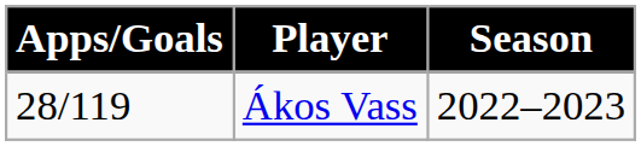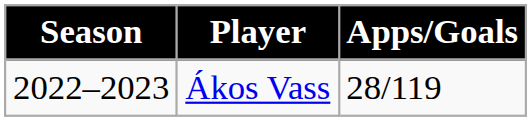 <table class="wikitable">
 <tr>
+<th style="color:white; background:black">Season</th>
+<th style="color:white; background:black">Player</th>
 <th style="color:white; background:black">Apps/Goals</th>
-<th style="color:white; background:black">Player</th>
-<th style="color:white; background:black">Season</th>
 </tr>
 <tr>
+<td>2022–2023</td>
+<td> <a href='#'>Ákos Vass</a></td>
 <td>28/119</td>
-<td> <a href='#'>Ákos Vass</a></td>
-<td>2022–2023</td>
 </tr>
 </table>
